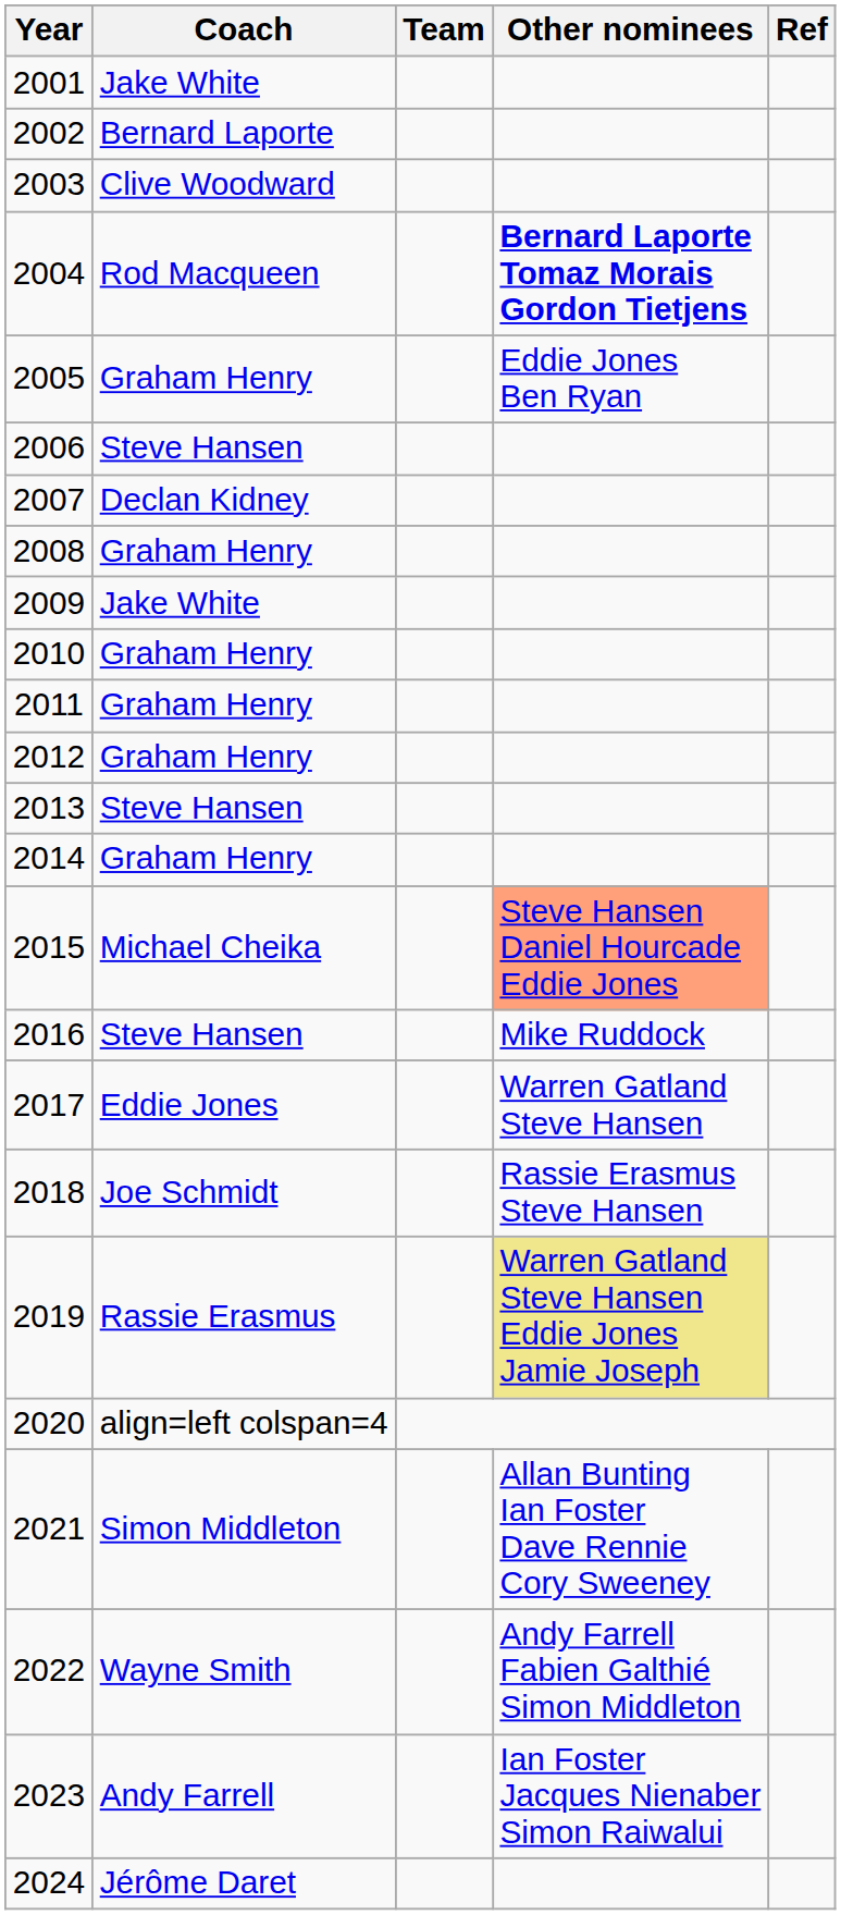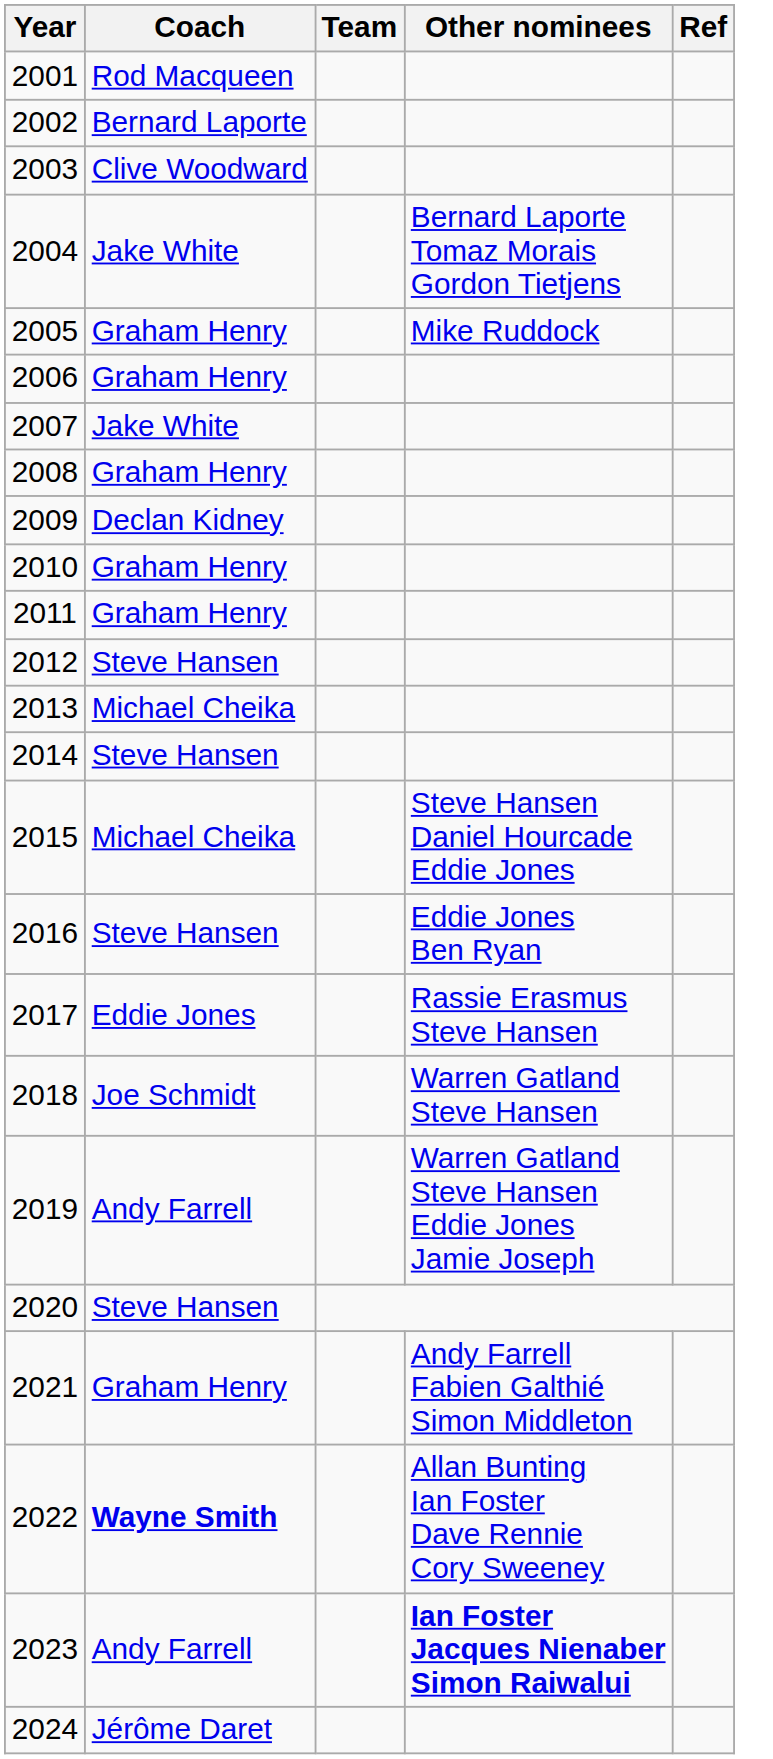 <table class="wikitable">
 <tr>
 <th scope=col>Year</th>
 <th scope=col>Coach</th>
 <th scope=col>Team</th>
 <th scope=col class=unsortable>Other nominees</th>
 <th scope=col class=unsortable>Ref</th>
 </tr>
 <tr>
 <td align=center>2001</td>
-<td align=left> <a href='#'>Jake White</a></td>
+<td align=left> <a href='#'>Rod Macqueen</a></td>
 <td align=left></td>
 <td align=left></td>
 <td align=left></td>
 </tr>
 <tr>
 <td align=center>2002</td>
 <td align=left> <a href='#'>Bernard Laporte</a></td>
 <td align=left></td>
 <td align=left></td>
 <td align=left></td>
 </tr>
 <tr>
 <td align=center>2003</td>
 <td align=left> <a href='#'>Clive Woodward</a></td>
 <td align=left></td>
 <td align=left></td>
 <td align=left></td>
 </tr>
 <tr>
 <td align=center>2004</td>
-<td align=left> <a href='#'>Rod Macqueen</a></td>
+<td align=left> <a href='#'>Jake White</a></td>
 <td align=left></td>
-<td align=left><strong> <a href='#'>Bernard Laporte</a><br> <a href='#'>Tomaz Morais</a><br> <a href='#'>Gordon Tietjens</a></strong></td>
+<td align=left> <a href='#'>Bernard Laporte</a><br> <a href='#'>Tomaz Morais</a><br> <a href='#'>Gordon Tietjens</a></td>
 <td align=left></td>
 </tr>
 <tr>
 <td align=center>2005</td>
 <td align=left> <a href='#'>Graham Henry</a></td>
 <td align=left></td>
-<td align=left> <a href='#'>Eddie Jones</a><br> <a href='#'>Ben Ryan</a></td>
+<td align=left> <a href='#'>Mike Ruddock</a></td>
 <td align=left></td>
 </tr>
 <tr>
 <td align=center>2006</td>
-<td align=left> <a href='#'>Steve Hansen</a></td>
+<td align=left> <a href='#'>Graham Henry</a></td>
 <td align=left></td>
 <td align=left></td>
 <td align=left></td>
 </tr>
 <tr>
 <td align=center>2007</td>
-<td align=left> <a href='#'>Declan Kidney</a></td>
+<td align=left> <a href='#'>Jake White</a></td>
 <td align=left></td>
 <td align=left></td>
 <td align=left></td>
 </tr>
 <tr>
 <td align=center>2008</td>
 <td align=left> <a href='#'>Graham Henry</a></td>
 <td align=left></td>
 <td align=left></td>
 <td align=left></td>
 </tr>
 <tr>
 <td align=center>2009</td>
-<td align=left> <a href='#'>Jake White</a></td>
+<td align=left> <a href='#'>Declan Kidney</a></td>
 <td align=left></td>
 <td align=left></td>
 <td align=left></td>
 </tr>
 <tr>
 <td align=center>2010</td>
 <td align=left> <a href='#'>Graham Henry</a></td>
 <td align=left></td>
 <td align=left></td>
 <td align=left></td>
 </tr>
 <tr>
 <td align=center>2011</td>
 <td align=left> <a href='#'>Graham Henry</a></td>
 <td align=left></td>
 <td align=left></td>
 <td align=left></td>
 </tr>
 <tr>
 <td align=center>2012</td>
-<td align=left> <a href='#'>Graham Henry</a></td>
+<td align=left> <a href='#'>Steve Hansen</a></td>
 <td align=left></td>
 <td align=left></td>
 <td align=left></td>
 </tr>
 <tr>
 <td align=center>2013</td>
-<td align=left> <a href='#'>Steve Hansen</a></td>
+<td align=left> <a href='#'>Michael Cheika</a></td>
 <td align=left></td>
 <td align=left></td>
 <td align=left></td>
 </tr>
 <tr>
 <td align=center>2014</td>
-<td align=left> <a href='#'>Graham Henry</a></td>
+<td align=left> <a href='#'>Steve Hansen</a></td>
 <td align=left></td>
 <td align=left></td>
 <td align=left></td>
 </tr>
 <tr>
 <td align=center>2015</td>
 <td align=left> <a href='#'>Michael Cheika</a></td>
 <td align=left></td>
-<td align=left style="background: lightsalmon;"> <a href='#'>Steve Hansen</a><br> <a href='#'>Daniel Hourcade</a><br> <a href='#'>Eddie Jones</a></td>
+<td align=left> <a href='#'>Steve Hansen</a><br> <a href='#'>Daniel Hourcade</a><br> <a href='#'>Eddie Jones</a></td>
 <td align=left></td>
 </tr>
 <tr>
 <td align=center>2016</td>
 <td align=left> <a href='#'>Steve Hansen</a></td>
 <td align=left></td>
-<td align=left> <a href='#'>Mike Ruddock</a></td>
+<td align=left> <a href='#'>Eddie Jones</a><br> <a href='#'>Ben Ryan</a></td>
 <td align=left></td>
 </tr>
 <tr>
 <td align=center>2017</td>
 <td align=left> <a href='#'>Eddie Jones</a></td>
 <td align=left></td>
-<td align=left> <a href='#'>Warren Gatland</a><br> <a href='#'>Steve Hansen</a></td>
+<td align=left> <a href='#'>Rassie Erasmus</a><br> <a href='#'>Steve Hansen</a></td>
 <td align=left></td>
 </tr>
 <tr>
 <td align=center>2018</td>
 <td align=left> <a href='#'>Joe Schmidt</a></td>
 <td align=left></td>
-<td align=left> <a href='#'>Rassie Erasmus</a><br> <a href='#'>Steve Hansen</a></td>
+<td align=left> <a href='#'>Warren Gatland</a><br> <a href='#'>Steve Hansen</a></td>
 <td align=left></td>
 </tr>
 <tr>
 <td align=center>2019</td>
-<td align=left> <a href='#'>Rassie Erasmus</a></td>
+<td align=left> <a href='#'>Andy Farrell</a></td>
 <td align=left></td>
-<td align=left style="background: khaki;"> <a href='#'>Warren Gatland</a><br> <a href='#'>Steve Hansen</a><br> <a href='#'>Eddie Jones</a><br> <a href='#'>Jamie Joseph</a></td>
+<td align=left> <a href='#'>Warren Gatland</a><br> <a href='#'>Steve Hansen</a><br> <a href='#'>Eddie Jones</a><br> <a href='#'>Jamie Joseph</a></td>
 <td align=left></td>
 </tr>
 <tr>
 <td align=center>2020</td>
-<td>align=left colspan=4 </td>
+<td align=left> <a href='#'>Steve Hansen</a></td>
 </tr>
 <tr>
 <td align=center>2021</td>
-<td align=left> <a href='#'>Simon Middleton</a></td>
+<td align=left> <a href='#'>Graham Henry</a></td>
 <td align=left></td>
-<td align=left> <a href='#'>Allan Bunting</a><br> <a href='#'>Ian Foster</a><br> <a href='#'>Dave Rennie</a><br> <a href='#'>Cory Sweeney</a></td>
+<td align=left> <a href='#'>Andy Farrell</a><br> <a href='#'>Fabien Galthié</a><br> <a href='#'>Simon Middleton</a></td>
 <td align=left></td>
 </tr>
 <tr>
 <td align=center>2022</td>
-<td align=left> <a href='#'>Wayne Smith</a></td>
+<td align=left><strong> <a href='#'>Wayne Smith</a></strong></td>
 <td align=left></td>
-<td align=left> <a href='#'>Andy Farrell</a><br> <a href='#'>Fabien Galthié</a><br> <a href='#'>Simon Middleton</a></td>
+<td align=left> <a href='#'>Allan Bunting</a><br> <a href='#'>Ian Foster</a><br> <a href='#'>Dave Rennie</a><br> <a href='#'>Cory Sweeney</a></td>
 <td align=left></td>
 </tr>
 <tr>
 <td align=center>2023</td>
 <td align=left> <a href='#'>Andy Farrell</a></td>
 <td align=left></td>
-<td align=left> <a href='#'>Ian Foster</a><br> <a href='#'>Jacques Nienaber</a><br> <a href='#'>Simon Raiwalui</a></td>
+<td align=left><strong> <a href='#'>Ian Foster</a><br> <a href='#'>Jacques Nienaber</a><br> <a href='#'>Simon Raiwalui</a></strong></td>
 <td align=left></td>
 </tr>
 <tr>
 <td align=center>2024</td>
 <td align=left> <a href='#'>Jérôme Daret</a></td>
 <td align=left></td>
 <td align=left></td>
 <td align=left></td>
 </tr>
 </table>
